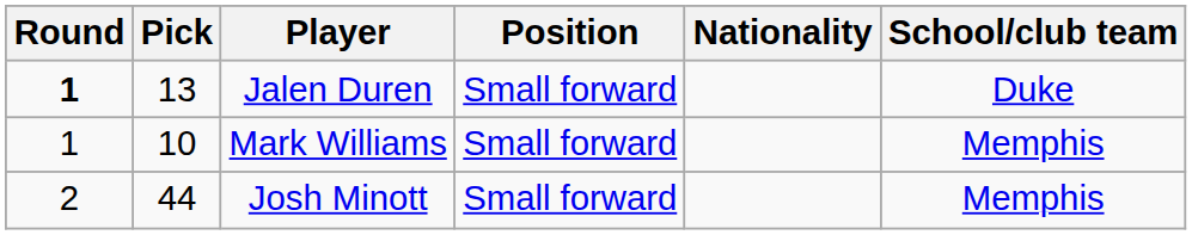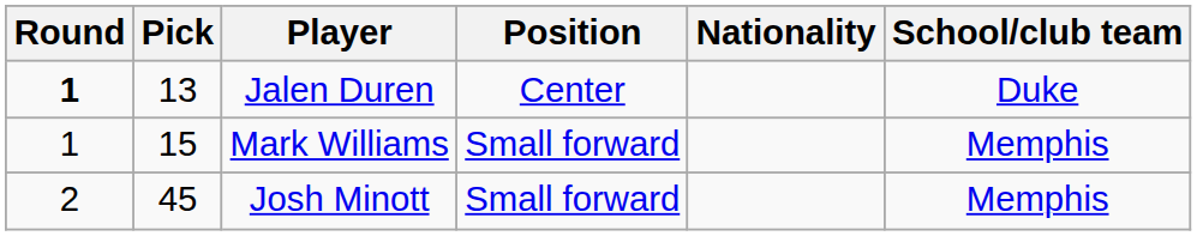 <table class="wikitable sortable sortable">
 <tr>
 <th>Round</th>
 <th>Pick</th>
 <th>Player</th>
 <th>Position</th>
 <th>Nationality</th>
 <th>School/club team</th>
 </tr>
 <tr style="text-align: center">
 <td><strong>1</strong></td>
 <td>13</td>
 <td><a href='#'>Jalen Duren</a></td>
-<td><a href='#'>Small forward</a></td>
+<td><a href='#'>Center</a></td>
 <td></td>
 <td><a href='#'>Duke</a></td>
 </tr>
 <tr style="text-align: center">
 <td>1</td>
-<td>10</td>
+<td>15</td>
 <td><a href='#'>Mark Williams</a></td>
 <td><a href='#'>Small forward</a></td>
 <td></td>
 <td><a href='#'>Memphis</a></td>
 </tr>
 <tr style="text-align: center">
 <td>2</td>
-<td>44</td>
+<td>45</td>
 <td><a href='#'>Josh Minott</a></td>
 <td><a href='#'>Small forward</a></td>
 <td><br></td>
 <td><a href='#'>Memphis</a></td>
 </tr>
 </table>
